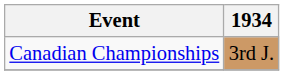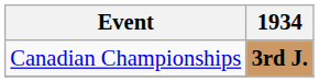 <table class="wikitable">
 <tr>
 <th>Event</th>
 <th>1934</th>
 </tr>
 <tr>
 <td><a href='#'>Canadian Championships</a></td>
-<td align="center" bgcolor="cc9966">3rd J.</td>
+<td align="center" bgcolor="cc9966"><strong>3rd J.</strong></td>
 </tr>
 <tr>
 </tr>
 </table>
